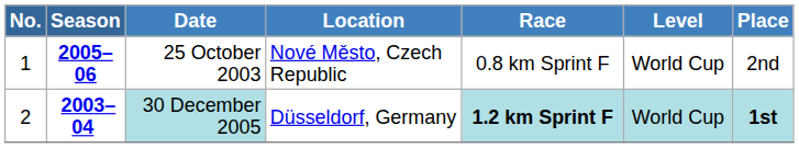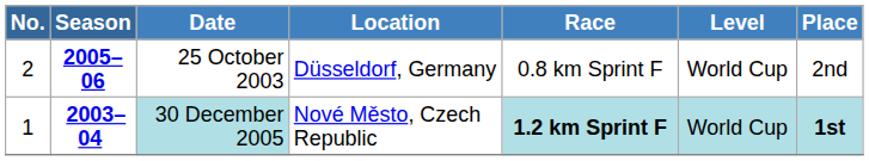 <table class="wikitable sortable" style="font-size:95%; text-align:center; border:grey solid 1px; border-collapse:collapse; background:#ffffff;">
 <tr style="background:#efefef;">
 <th style="background-color:#369; color:white;">No.</th>
 <th style="background-color:#369; color:white;">Season</th>
 <th style="background-color:#4180be; color:white; width:120px;">Date</th>
 <th style="background-color:#4180be; color:white; width:185px;">Location</th>
 <th style="background-color:#4180be; color:white; width:160px;">Race</th>
 <th style="background-color:#4180be; color:white; width:100px;">Level</th>
 <th style="background-color:#4180be; color:white;">Place</th>
 </tr>
 <tr>
-<td align=center>1</td>
+<td align=center>2</td>
 <td rowspan=1 align=center><strong><a href='#'>2005–06</a></strong></td>
 <td align=right>25 October 2003</td>
-<td align=left> <a href='#'>Nové Město</a>, Czech Republic</td>
+<td align=left> <a href='#'>Düsseldorf</a>, Germany</td>
 <td>0.8 km Sprint F</td>
 <td>World Cup</td>
 <td>2nd</td>
 </tr>
 <tr>
-<td align=center>2</td>
+<td align=center>1</td>
 <td rowspan=1 align=center><strong> <a href='#'>2003–04</a> </strong></td>
 <td bgcolor="#BOEOE6" align=right>30 December 2005</td>
-<td align=left> <a href='#'>Düsseldorf</a>, Germany</td>
+<td align=left> <a href='#'>Nové Město</a>, Czech Republic</td>
 <td bgcolor="#BOEOE6"><strong>1.2 km Sprint F</strong></td>
 <td bgcolor="#BOEOE6">World Cup</td>
 <td bgcolor="#BOEOE6"><strong>1st</strong></td>
 </tr>
 <tr>
 </tr>
 </table>
